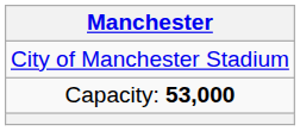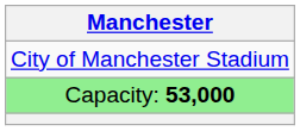 <table class="wikitable" style="text-align:center;">
 <tr>
 <th><a href='#'>Manchester</a></th>
 </tr>
 <tr>
 <td><a href='#'>City of Manchester Stadium</a></td>
 </tr>
 <tr>
-<td>Capacity: <strong>53,000</strong></td>
+<td style="background: lightgreen;">Capacity: <strong>53,000</strong></td>
 </tr>
 <tr>
 <th></th>
 </tr>
 </table>
